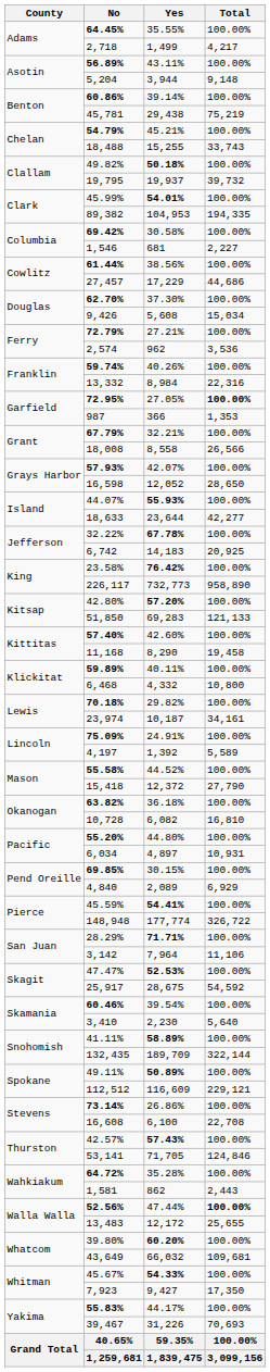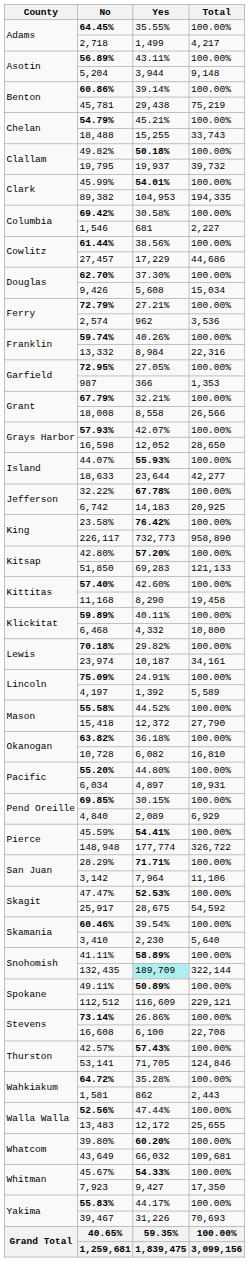 <table class="wikitable">
 <tr>
 <th>County</th>
 <th>No</th>
 <th>Yes</th>
 <th>Total</th>
 </tr>
 <tr>
 <td rowspan="2">Adams</td>
 <td><strong>64.45%</strong></td>
 <td>35.55%</td>
 <td>100.00%</td>
 </tr>
 <tr>
 <td>2,718</td>
 <td>1,499</td>
 <td>4,217</td>
 </tr>
 <tr>
 <td rowspan="2">Asotin</td>
 <td><strong>56.89%</strong></td>
 <td>43.11%</td>
 <td>100.00%</td>
 </tr>
 <tr>
 <td>5,204</td>
 <td>3,944</td>
 <td>9,148</td>
 </tr>
 <tr>
 <td rowspan="2">Benton</td>
 <td><strong>60.86%</strong></td>
 <td>39.14%</td>
 <td>100.00%</td>
 </tr>
 <tr>
 <td>45,781</td>
 <td>29,438</td>
 <td>75,219</td>
 </tr>
 <tr>
 <td rowspan="2">Chelan</td>
 <td><strong>54.79%</strong></td>
 <td>45.21%</td>
 <td>100.00%</td>
 </tr>
 <tr>
 <td>18,488</td>
 <td>15,255</td>
 <td>33,743</td>
 </tr>
 <tr>
 <td rowspan="2">Clallam</td>
 <td>49.82%</td>
 <td><strong>50.18%</strong></td>
 <td>100.00%</td>
 </tr>
 <tr>
 <td>19,795</td>
 <td>19,937</td>
 <td>39,732</td>
 </tr>
 <tr>
 <td rowspan="2">Clark</td>
 <td>45.99%</td>
 <td><strong>54.01%</strong></td>
 <td>100.00%</td>
 </tr>
 <tr>
 <td>89,382</td>
 <td>104,953</td>
 <td>194,335</td>
 </tr>
 <tr>
 <td rowspan="2">Columbia</td>
 <td><strong>69.42%</strong></td>
 <td>30.58%</td>
 <td>100.00%</td>
 </tr>
 <tr>
 <td>1,546</td>
 <td>681</td>
 <td>2,227</td>
 </tr>
 <tr>
 <td rowspan="2">Cowlitz</td>
 <td><strong>61.44%</strong></td>
 <td>38.56%</td>
 <td>100.00%</td>
 </tr>
 <tr>
 <td>27,457</td>
 <td>17,229</td>
 <td>44,686</td>
 </tr>
 <tr>
 <td rowspan="2">Douglas</td>
 <td><strong>62.70%</strong></td>
 <td>37.30%</td>
 <td>100.00%</td>
 </tr>
 <tr>
 <td>9,426</td>
 <td>5,608</td>
 <td>15,034</td>
 </tr>
 <tr>
 <td rowspan="2">Ferry</td>
 <td><strong>72.79%</strong></td>
 <td>27.21%</td>
 <td>100.00%</td>
 </tr>
 <tr>
 <td>2,574</td>
 <td>962</td>
 <td>3,536</td>
 </tr>
 <tr>
 <td rowspan="2">Franklin</td>
 <td><strong>59.74%</strong></td>
 <td>40.26%</td>
 <td>100.00%</td>
 </tr>
 <tr>
 <td>13,332</td>
 <td>8,984</td>
 <td>22,316</td>
 </tr>
 <tr>
 <td rowspan="2">Garfield</td>
 <td><strong>72.95%</strong></td>
 <td>27.05%</td>
-<td><strong>100.00%</strong></td>
+<td>100.00%</td>
 </tr>
 <tr>
 <td>987</td>
 <td>366</td>
 <td>1,353</td>
 </tr>
 <tr>
 <td rowspan="2">Grant</td>
 <td><strong>67.79%</strong></td>
 <td>32.21%</td>
 <td>100.00%</td>
 </tr>
 <tr>
 <td>18,008</td>
 <td>8,558</td>
 <td>26,566</td>
 </tr>
 <tr>
 <td rowspan="2">Grays Harbor</td>
 <td><strong>57.93%</strong></td>
 <td>42.07%</td>
 <td>100.00%</td>
 </tr>
 <tr>
 <td>16,598</td>
 <td>12,052</td>
 <td>28,650</td>
 </tr>
 <tr>
 <td rowspan="2">Island</td>
 <td>44.07%</td>
 <td><strong>55.93%</strong></td>
 <td>100.00%</td>
 </tr>
 <tr>
 <td>18,633</td>
 <td>23,644</td>
 <td>42,277</td>
 </tr>
 <tr>
 <td rowspan="2">Jefferson</td>
 <td>32.22%</td>
 <td><strong>67.78%</strong></td>
 <td>100.00%</td>
 </tr>
 <tr>
 <td>6,742</td>
 <td>14,183</td>
 <td>20,925</td>
 </tr>
 <tr>
 <td rowspan="2">King</td>
 <td>23.58%</td>
 <td><strong>76.42%</strong></td>
 <td>100.00%</td>
 </tr>
 <tr>
 <td>226,117</td>
 <td>732,773</td>
 <td>958,890</td>
 </tr>
 <tr>
 <td rowspan="2">Kitsap</td>
 <td>42.80%</td>
 <td><strong>57.20%</strong></td>
 <td>100.00%</td>
 </tr>
 <tr>
 <td>51,850</td>
 <td>69,283</td>
 <td>121,133</td>
 </tr>
 <tr>
 <td rowspan="2">Kittitas</td>
 <td><strong>57.40%</strong></td>
 <td>42.60%</td>
 <td>100.00%</td>
 </tr>
 <tr>
 <td>11,168</td>
 <td>8,290</td>
 <td>19,458</td>
 </tr>
 <tr>
 <td rowspan="2">Klickitat</td>
 <td><strong>59.89%</strong></td>
 <td>40.11%</td>
 <td>100.00%</td>
 </tr>
 <tr>
 <td>6,468</td>
 <td>4,332</td>
 <td>10,800</td>
 </tr>
 <tr>
 <td rowspan="2">Lewis</td>
 <td><strong>70.18%</strong></td>
 <td>29.82%</td>
 <td>100.00%</td>
 </tr>
 <tr>
 <td>23,974</td>
 <td>10,187</td>
 <td>34,161</td>
 </tr>
 <tr>
 <td rowspan="2">Lincoln</td>
 <td><strong>75.09%</strong></td>
 <td>24.91%</td>
 <td>100.00%</td>
 </tr>
 <tr>
 <td>4,197</td>
 <td>1,392</td>
 <td>5,589</td>
 </tr>
 <tr>
 <td rowspan="2">Mason</td>
 <td><strong>55.58%</strong></td>
 <td>44.52%</td>
 <td>100.00%</td>
 </tr>
 <tr>
 <td>15,418</td>
 <td>12,372</td>
 <td>27,790</td>
 </tr>
 <tr>
 <td rowspan="2">Okanogan</td>
 <td><strong>63.82%</strong></td>
 <td>36.18%</td>
 <td>100.00%</td>
 </tr>
 <tr>
 <td>10,728</td>
 <td>6,082</td>
 <td>16,810</td>
 </tr>
 <tr>
 <td rowspan="2">Pacific</td>
 <td><strong>55.20%</strong></td>
 <td>44.80%</td>
 <td>100.00%</td>
 </tr>
 <tr>
 <td>6,034</td>
 <td>4,897</td>
 <td>10,931</td>
 </tr>
 <tr>
 <td rowspan="2">Pend Oreille</td>
 <td><strong>69.85%</strong></td>
 <td>30.15%</td>
 <td>100.00%</td>
 </tr>
 <tr>
 <td>4,840</td>
 <td>2,089</td>
 <td>6,929</td>
 </tr>
 <tr>
 <td rowspan="2">Pierce</td>
 <td>45.59%</td>
 <td><strong>54.41%</strong></td>
 <td>100.00%</td>
 </tr>
 <tr>
 <td>148,948</td>
 <td>177,774</td>
 <td>326,722</td>
 </tr>
 <tr>
 <td rowspan="2">San Juan</td>
 <td>28.29%</td>
 <td><strong>71.71%</strong></td>
 <td>100.00%</td>
 </tr>
 <tr>
 <td>3,142</td>
 <td>7,964</td>
 <td>11,106</td>
 </tr>
 <tr>
 <td rowspan="2">Skagit</td>
 <td>47.47%</td>
 <td><strong>52.53%</strong></td>
 <td>100.00%</td>
 </tr>
 <tr>
 <td>25,917</td>
 <td>28,675</td>
 <td>54,592</td>
 </tr>
 <tr>
 <td rowspan="2">Skamania</td>
 <td><strong>60.46%</strong></td>
 <td>39.54%</td>
 <td>100.00%</td>
 </tr>
 <tr>
 <td>3,410</td>
 <td>2,230</td>
 <td>5,640</td>
 </tr>
 <tr>
 <td rowspan="2">Snohomish</td>
 <td>41.11%</td>
 <td><strong>58.89%</strong></td>
 <td>100.00%</td>
 </tr>
 <tr>
 <td>132,435</td>
-<td>189,709</td>
+<td style="background: paleturquoise;">189,709</td>
 <td>322,144</td>
 </tr>
 <tr>
 <td rowspan="2">Spokane</td>
 <td>49.11%</td>
 <td><strong>50.89%</strong></td>
 <td>100.00%</td>
 </tr>
 <tr>
 <td>112,512</td>
 <td>116,609</td>
 <td>229,121</td>
 </tr>
 <tr>
 <td rowspan="2">Stevens</td>
 <td><strong>73.14%</strong></td>
 <td>26.86%</td>
 <td>100.00%</td>
 </tr>
 <tr>
 <td>16,608</td>
 <td>6,100</td>
 <td>22,708</td>
 </tr>
 <tr>
 <td rowspan="2">Thurston</td>
 <td>42.57%</td>
 <td><strong>57.43%</strong></td>
 <td>100.00%</td>
 </tr>
 <tr>
 <td>53,141</td>
 <td>71,705</td>
 <td>124,846</td>
 </tr>
 <tr>
 <td rowspan="2">Wahkiakum</td>
 <td><strong>64.72%</strong></td>
 <td>35.28%</td>
 <td>100.00%</td>
 </tr>
 <tr>
 <td>1,581</td>
 <td>862</td>
 <td>2,443</td>
 </tr>
 <tr>
 <td rowspan="2">Walla Walla</td>
 <td><strong>52.56%</strong></td>
 <td>47.44%</td>
-<td><strong>100.00%</strong></td>
+<td>100.00%</td>
 </tr>
 <tr>
 <td>13,483</td>
 <td>12,172</td>
 <td>25,655</td>
 </tr>
 <tr>
 <td rowspan="2">Whatcom</td>
 <td>39.80%</td>
 <td><strong>60.20%</strong></td>
 <td>100.00%</td>
 </tr>
 <tr>
 <td>43,649</td>
 <td>66,032</td>
 <td>109,681</td>
 </tr>
 <tr>
 <td rowspan="2">Whitman</td>
 <td>45.67%</td>
 <td><strong>54.33%</strong></td>
 <td>100.00%</td>
 </tr>
 <tr>
 <td>7,923</td>
 <td>9,427</td>
 <td>17,350</td>
 </tr>
 <tr>
 <td rowspan="2">Yakima</td>
 <td><strong>55.83%</strong></td>
 <td>44.17%</td>
 <td>100.00%</td>
 </tr>
 <tr>
 <td>39,467</td>
 <td>31,226</td>
 <td>70,693</td>
 </tr>
 <tr>
 <th rowspan="2">Grand Total</th>
 <th>40.65%</th>
 <th><strong>59.35%</strong></th>
 <th>100.00%</th>
 </tr>
 <tr>
 <th>1,259,681</th>
 <th>1,839,475</th>
 <th>3,099,156</th>
 </tr>
 </table>
